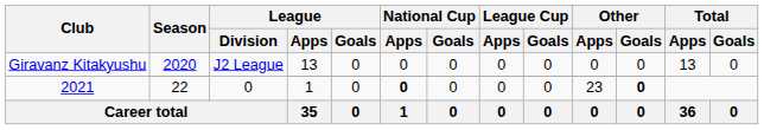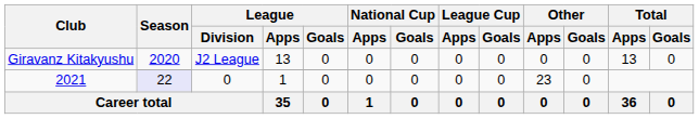 <table class="wikitable" style="text-align: center">
 <tr>
 <th rowspan="2">Club</th>
 <th rowspan="2">Season</th>
 <th colspan="3">League</th>
 <th colspan="2">National Cup</th>
 <th colspan="2">League Cup</th>
 <th colspan="2">Other</th>
 <th colspan="2">Total</th>
 </tr>
 <tr>
 <th>Division</th>
 <th>Apps</th>
 <th>Goals</th>
 <th>Apps</th>
 <th>Goals</th>
 <th>Apps</th>
 <th>Goals</th>
 <th>Apps</th>
 <th>Goals</th>
 <th>Apps</th>
 <th>Goals</th>
 </tr>
 <tr>
 <td rowspan=2><a href='#'>Giravanz Kitakyushu</a></td>
 <td><a href='#'>2020</a></td>
 <td rowspan=2><a href='#'>J2 League</a></td>
 <td>13</td>
 <td>0</td>
 <td>0</td>
 <td>0</td>
 <td>0</td>
 <td>0</td>
 <td>0</td>
 <td>0</td>
 <td>13</td>
 <td>0</td>
 </tr>
 <tr>
 </tr>
 <tr>
 <td><a href='#'>2021</a></td>
-<td>22</td>
+<td style="background: lavender;">22</td>
 <td>0</td>
 <td>1</td>
 <td>0</td>
-<td><strong>0</strong></td>
+<td>0</td>
 <td>0</td>
 <td>0</td>
 <td>0</td>
 <td>23</td>
-<td><strong>0</strong></td>
+<td>0</td>
 </tr>
 <tr>
 <th colspan=3>Career total</th>
 <th>35</th>
 <th>0</th>
 <th>1</th>
 <th>0</th>
 <th>0</th>
 <th>0</th>
 <th>0</th>
 <th>0</th>
 <th>36</th>
 <th>0</th>
 </tr>
 </table>
